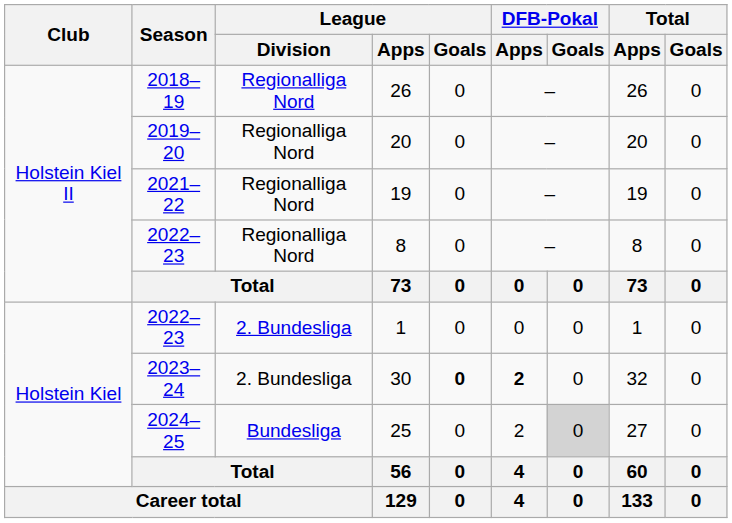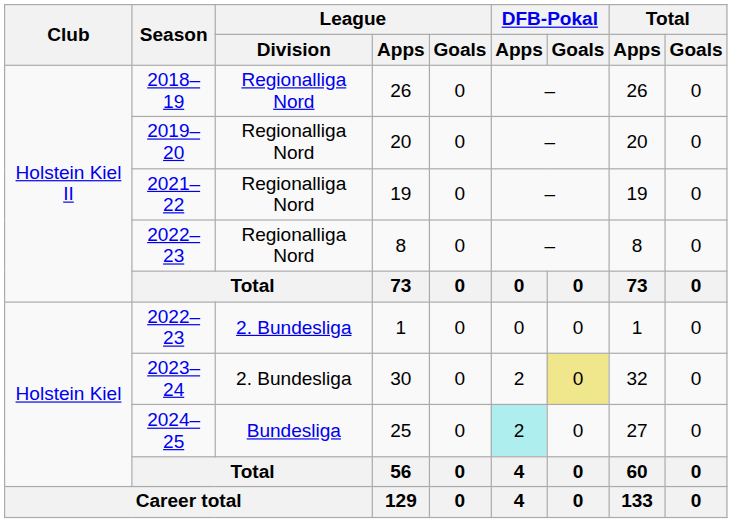 <table class="wikitable" style="text-align:center">
 <tr>
 <th rowspan="2">Club</th>
 <th rowspan="2">Season</th>
 <th colspan="3">League</th>
 <th colspan="2"><a href='#'>DFB-Pokal</a></th>
 <th colspan="2">Total</th>
 </tr>
 <tr>
 <th>Division</th>
 <th>Apps</th>
 <th>Goals</th>
 <th>Apps</th>
 <th>Goals</th>
 <th>Apps</th>
 <th>Goals</th>
 </tr>
 <tr>
 <td rowspan="5"><a href='#'>Holstein Kiel II</a></td>
 <td><a href='#'>2018–19</a></td>
 <td><a href='#'>Regionalliga Nord</a></td>
 <td>26</td>
 <td>0</td>
 <td colspan="2">–</td>
 <td>26</td>
 <td>0</td>
 </tr>
 <tr>
 <td><a href='#'>2019–20</a></td>
 <td>Regionalliga Nord</td>
 <td>20</td>
 <td>0</td>
 <td colspan="2">–</td>
 <td>20</td>
 <td>0</td>
 </tr>
 <tr>
 <td><a href='#'>2021–22</a></td>
 <td>Regionalliga Nord</td>
 <td>19</td>
 <td>0</td>
 <td colspan="2">–</td>
 <td>19</td>
 <td>0</td>
 </tr>
 <tr>
 <td><a href='#'>2022–23</a></td>
 <td>Regionalliga Nord</td>
 <td>8</td>
 <td>0</td>
 <td colspan="2">–</td>
 <td>8</td>
 <td>0</td>
 </tr>
 <tr>
 <th colspan="2">Total</th>
 <th>73</th>
 <th>0</th>
 <th>0</th>
 <th>0</th>
 <th>73</th>
 <th>0</th>
 </tr>
 <tr>
 <td rowspan="4"><a href='#'>Holstein Kiel</a></td>
 <td><a href='#'>2022–23</a></td>
 <td><a href='#'>2. Bundesliga</a></td>
 <td>1</td>
 <td>0</td>
 <td>0</td>
 <td>0</td>
 <td>1</td>
 <td>0</td>
 </tr>
 <tr>
 <td><a href='#'>2023–24</a></td>
 <td>2. Bundesliga</td>
 <td>30</td>
-<td><strong>0</strong></td>
-<td><strong>2</strong></td>
 <td>0</td>
+<td>2</td>
+<td style="background: khaki;">0</td>
 <td>32</td>
 <td>0</td>
 </tr>
 <tr>
 <td><a href='#'>2024–25</a></td>
 <td><a href='#'>Bundesliga</a></td>
 <td>25</td>
 <td>0</td>
-<td>2</td>
-<td style="background: lightgrey;">0</td>
+<td style="background: paleturquoise;">2</td>
+<td>0</td>
 <td>27</td>
 <td>0</td>
 </tr>
 <tr>
 <th colspan="2">Total</th>
 <th>56</th>
 <th>0</th>
 <th>4</th>
 <th>0</th>
 <th>60</th>
 <th>0</th>
 </tr>
 <tr>
 <th colspan="3">Career total</th>
 <th>129</th>
 <th>0</th>
 <th>4</th>
 <th>0</th>
 <th>133</th>
 <th>0</th>
 </tr>
 </table>
